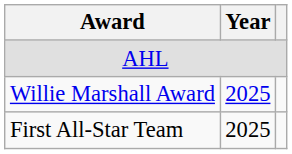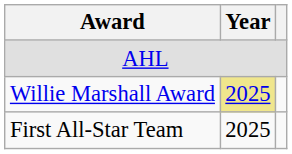 <table class="wikitable">
 <tr>
 <th>Award</th>
 <th>Year</th>
 <th></th>
 </tr>
 <tr ALIGN="center" bgcolor="#e0e0e0">
 <td colspan="3"><a href='#'>AHL</a></td>
 </tr>
 <tr>
 <td><a href='#'>Willie Marshall Award</a></td>
-<td><a href='#'>2025</a></td>
+<td style="background: khaki;"><a href='#'>2025</a></td>
 <td></td>
 </tr>
 <tr>
 <td>First All-Star Team</td>
 <td>2025</td>
 <td></td>
 </tr>
 </table>
